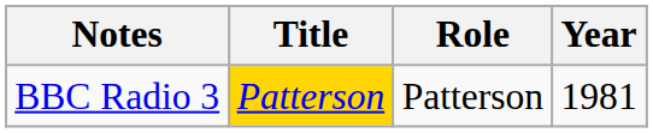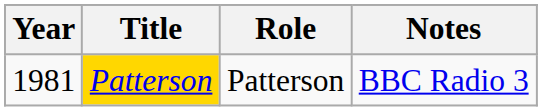 <table class="wikitable">
 <tr>
-<th>Notes</th>
+<th>Year</th>
 <th>Title</th>
 <th>Role</th>
-<th>Year</th>
+<th>Notes</th>
 </tr>
 <tr>
-<td><a href='#'>BBC Radio 3</a></td>
+<td>1981</td>
 <td style="background: gold;"><em><a href='#'>Patterson</a></em></td>
 <td>Patterson</td>
-<td>1981</td>
+<td><a href='#'>BBC Radio 3</a></td>
 </tr>
 </table>
